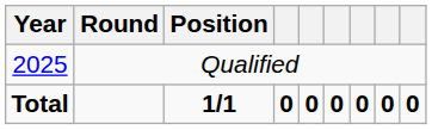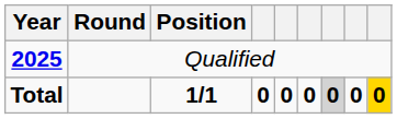 <table class="wikitable" style="text-align: center;">
 <tr>
 <th>Year</th>
 <th>Round</th>
 <th>Position</th>
 <th></th>
 <th></th>
 <th></th>
 <th></th>
 <th></th>
 <th></th>
 </tr>
 <tr>
-<td> <a href='#'>2025</a></td>
+<td><strong> <a href='#'>2025</a></strong></td>
 <td colspan=8><em>Qualified</em></td>
 </tr>
 <tr>
 <td><strong>Total</strong></td>
 <td></td>
 <td><strong>1/1</strong></td>
 <td><strong>0</strong></td>
 <td><strong>0</strong></td>
 <td><strong>0</strong></td>
+<td style="background: lightgrey;"><strong>0</strong></td>
 <td><strong>0</strong></td>
-<td><strong>0</strong></td>
-<td><strong>0</strong></td>
+<td style="background: gold;"><strong>0</strong></td>
 </tr>
 </table>
